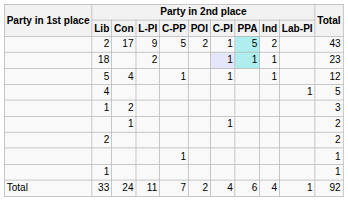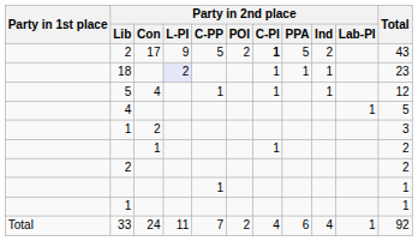 <table class="wikitable" style="text-align:right;">
 <tr>
 <th rowspan="2" style="text-align:left;">Party in 1st place</th>
 <th colspan="9">Party in 2nd place</th>
 <th rowspan="2">Total</th>
 </tr>
 <tr>
 <th>Lib</th>
 <th>Con</th>
 <th>L-PI</th>
 <th>C-PP</th>
 <th>POI</th>
 <th>C-PI</th>
 <th>PPA</th>
 <th>Ind</th>
 <th>Lab-PI</th>
 </tr>
 <tr>
 <td style="text-align:left;"></td>
 <td>2</td>
 <td>17</td>
 <td>9</td>
 <td>5</td>
 <td>2</td>
-<td>1</td>
-<td style="background: paleturquoise;">5</td>
+<td><strong>1</strong></td>
+<td>5</td>
 <td>2</td>
 <td></td>
 <td>43</td>
 </tr>
 <tr>
 <td style="text-align:left;"></td>
 <td>18</td>
 <td></td>
-<td>2</td>
+<td style="background: lavender;">2</td>
 <td></td>
 <td></td>
-<td style="background: lavender;">1</td>
-<td style="background: paleturquoise;">1</td>
+<td>1</td>
+<td>1</td>
 <td>1</td>
 <td></td>
 <td>23</td>
 </tr>
 <tr>
 <td style="text-align:left;"></td>
 <td>5</td>
 <td>4</td>
 <td></td>
 <td>1</td>
 <td></td>
 <td>1</td>
 <td></td>
 <td>1</td>
 <td></td>
 <td>12</td>
 </tr>
 <tr>
 <td style="text-align:left;"></td>
 <td>4</td>
 <td></td>
 <td></td>
 <td></td>
 <td></td>
 <td></td>
 <td></td>
 <td></td>
 <td>1</td>
 <td>5</td>
 </tr>
 <tr>
 <td style="text-align:left;"></td>
 <td>1</td>
 <td>2</td>
 <td></td>
 <td></td>
 <td></td>
 <td></td>
 <td></td>
 <td></td>
 <td></td>
 <td>3</td>
 </tr>
 <tr>
 <td style="text-align:left;"></td>
 <td></td>
 <td>1</td>
 <td></td>
 <td></td>
 <td></td>
 <td>1</td>
 <td></td>
 <td></td>
 <td></td>
 <td>2</td>
 </tr>
 <tr>
 <td style="text-align:left;"></td>
 <td>2</td>
 <td></td>
 <td></td>
 <td></td>
 <td></td>
 <td></td>
 <td></td>
 <td></td>
 <td></td>
 <td>2</td>
 </tr>
 <tr>
 <td style="text-align:left;"></td>
 <td></td>
 <td></td>
 <td></td>
 <td>1</td>
 <td></td>
 <td></td>
 <td></td>
 <td></td>
 <td></td>
 <td>1</td>
 </tr>
 <tr>
 <td style="text-align:left;"></td>
 <td>1</td>
 <td></td>
 <td></td>
 <td></td>
 <td></td>
 <td></td>
 <td></td>
 <td></td>
 <td></td>
 <td>1</td>
 </tr>
 <tr>
 <td style="text-align:left;">Total</td>
 <td>33</td>
 <td>24</td>
 <td>11</td>
 <td>7</td>
 <td>2</td>
 <td>4</td>
 <td>6</td>
 <td>4</td>
 <td>1</td>
 <td>92</td>
 </tr>
 </table>
